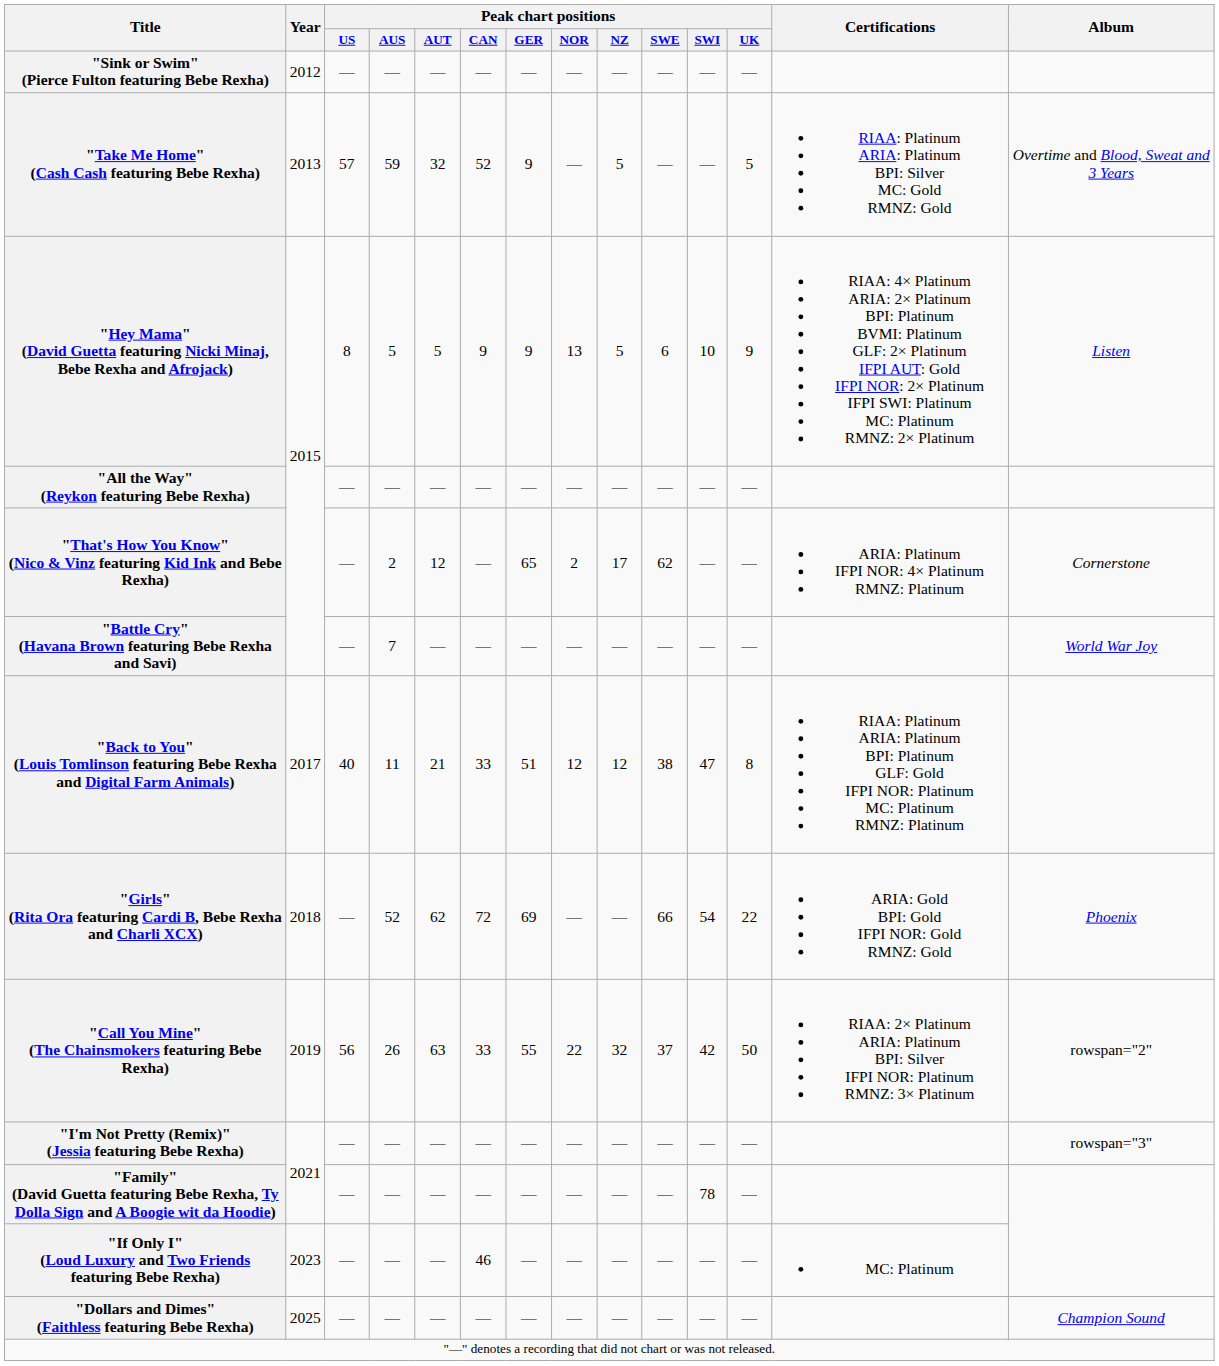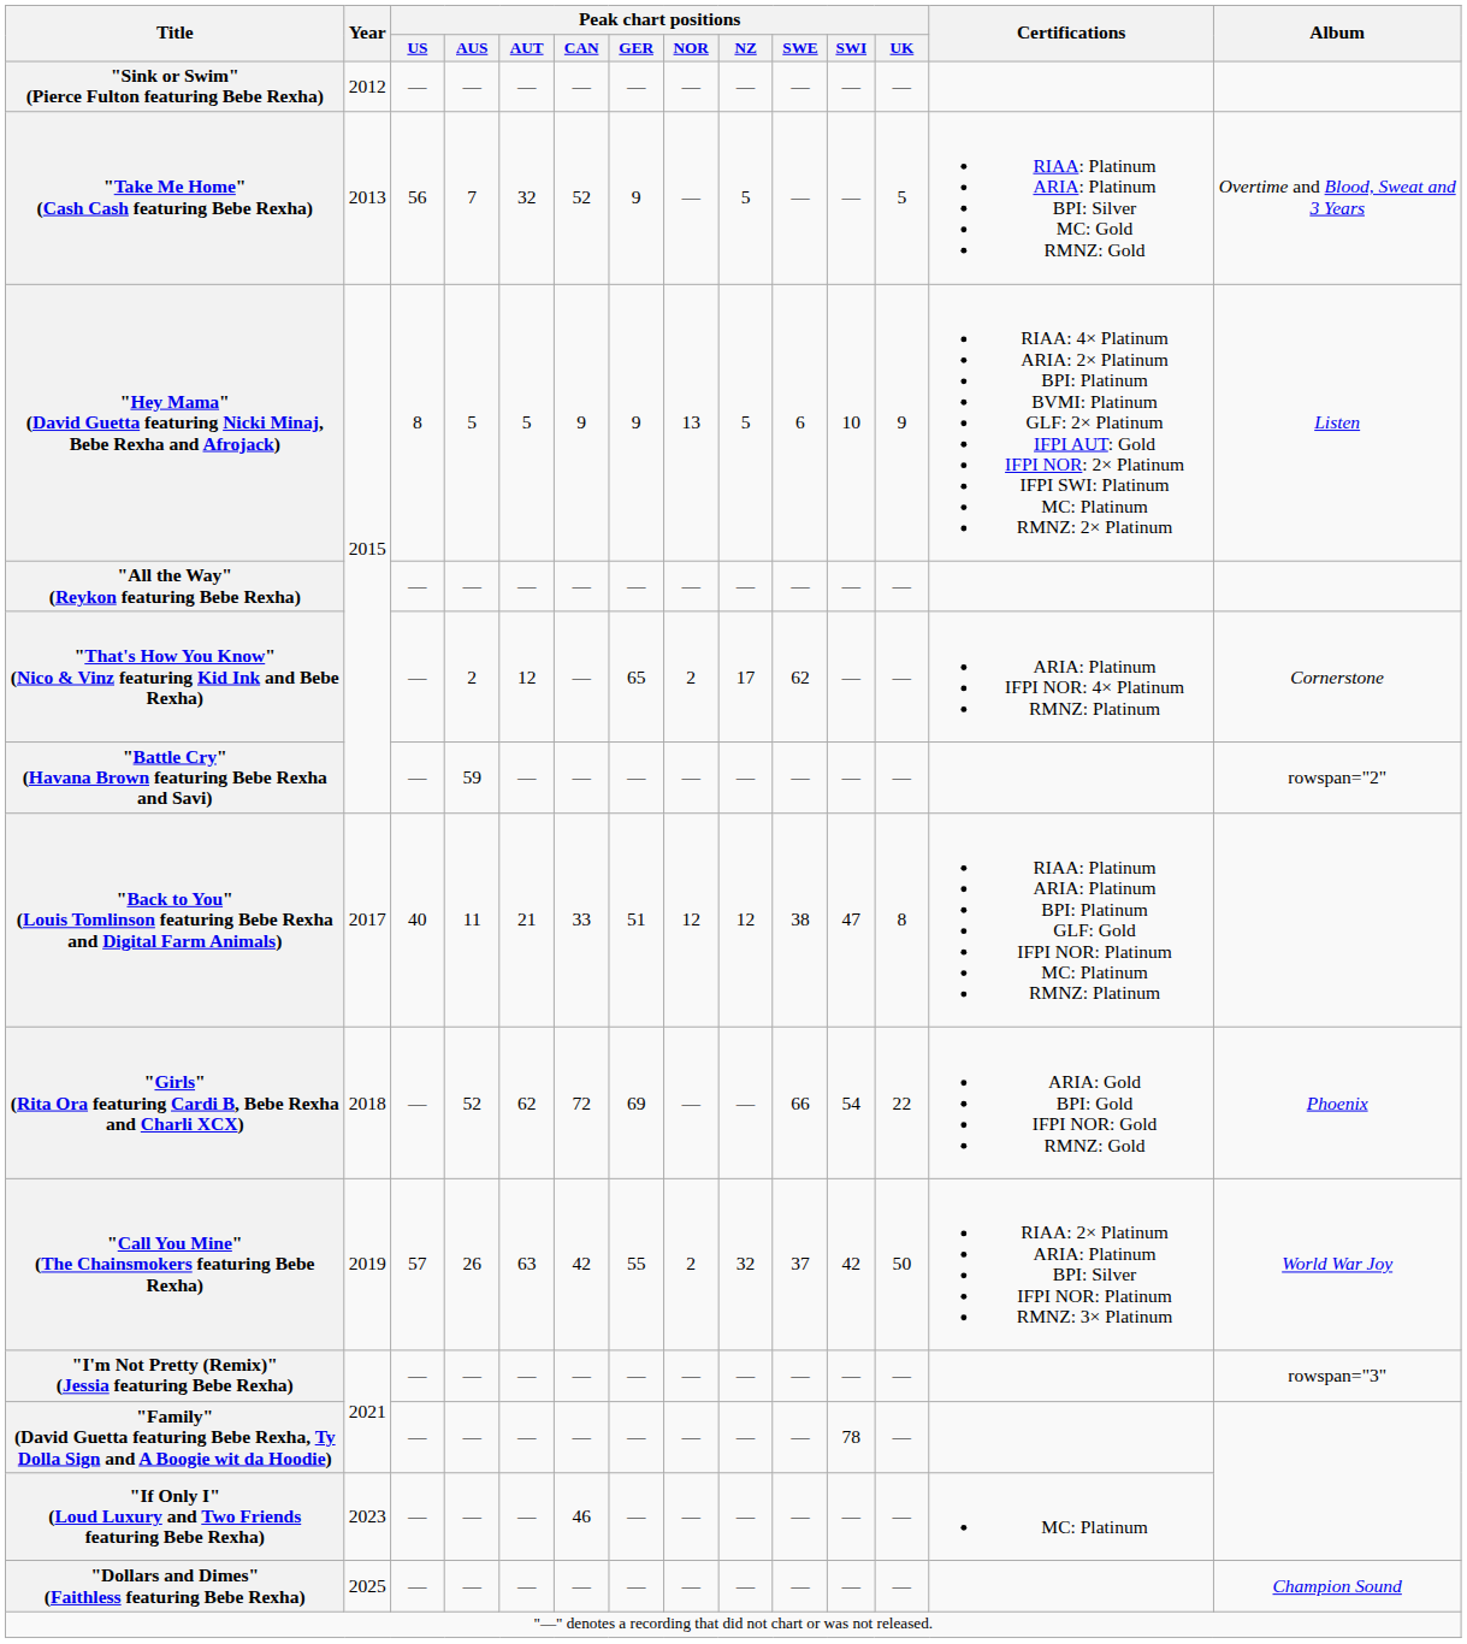 <table class="wikitable plainrowheaders" style="text-align:center;">
 <tr>
 <th scope="col" rowspan="2" style="width:18em;">Title</th>
 <th scope="col" rowspan="2" style="width:1em;">Year</th>
 <th scope="col" colspan="10">Peak chart positions</th>
 <th scope="col" rowspan="2" style="width:15em;">Certifications</th>
 <th scope="col" rowspan="2" style="width:13em;">Album</th>
 </tr>
 <tr>
 <th scope="col" style="width:3em;font-size:85%;"><a href='#'>US</a><br></th>
 <th scope="col" style="width:3em;font-size:85%;"><a href='#'>AUS</a><br></th>
 <th scope="col" style="width:3em;font-size:85%;"><a href='#'>AUT</a><br></th>
 <th scope="col" style="width:3em;font-size:85%;"><a href='#'>CAN</a><br></th>
 <th scope="col" style="width:3em;font-size:85%;"><a href='#'>GER</a><br></th>
 <th scope="col" style="width:3em; font-size:85%;"><a href='#'>NOR</a><br></th>
 <th scope="col" style="width:3em;font-size:85%;"><a href='#'>NZ</a><br></th>
 <th scope="col" style="width:3em; font-size:85%;"><a href='#'>SWE</a><br></th>
 <th scope="col" style="width:2.5em; font-size:85%;"><a href='#'>SWI</a><br></th>
 <th scope="col" style="width:3em; font-size:85%;"><a href='#'>UK</a><br></th>
 </tr>
 <tr>
 <th scope="row">"Sink or Swim"<br><span>(Pierce Fulton featuring Bebe Rexha)</span></th>
 <td>2012</td>
 <td>—</td>
 <td>—</td>
 <td>—</td>
 <td>—</td>
 <td>—</td>
 <td>—</td>
 <td>—</td>
 <td>—</td>
 <td>—</td>
 <td>—</td>
 <td></td>
 <td></td>
 </tr>
 <tr>
 <th scope="row">"<a href='#'>Take Me Home</a>"<br><span>(<a href='#'>Cash Cash</a> featuring Bebe Rexha)</span></th>
 <td>2013</td>
-<td>57</td>
-<td>59</td>
+<td>56</td>
+<td>7</td>
 <td>32</td>
 <td>52</td>
 <td>9</td>
 <td>—</td>
 <td>5</td>
 <td>—</td>
 <td>—</td>
 <td>5</td>
 <td><br><ul><li><a href='#'>RIAA</a>: Platinum</li><li><a href='#'>ARIA</a>: Platinum</li><li>BPI: Silver</li><li>MC: Gold</li><li>RMNZ: Gold</li></ul></td>
 <td><em>Overtime</em> and <em><a href='#'>Blood, Sweat and 3 Years</a></em></td>
 </tr>
 <tr>
 <th scope="row">"<a href='#'>Hey Mama</a>"<br><span>(<a href='#'>David Guetta</a> featuring <a href='#'>Nicki Minaj</a>, Bebe Rexha and <a href='#'>Afrojack</a>)</span></th>
 <td rowspan="4">2015</td>
 <td>8</td>
 <td>5</td>
 <td>5</td>
 <td>9</td>
 <td>9</td>
 <td>13</td>
 <td>5</td>
 <td>6</td>
 <td>10</td>
 <td>9</td>
 <td><br><ul><li>RIAA: 4× Platinum</li><li>ARIA: 2× Platinum</li><li>BPI: Platinum</li><li>BVMI: Platinum</li><li>GLF: 2× Platinum</li><li><a href='#'>IFPI AUT</a>: Gold</li><li><a href='#'>IFPI NOR</a>: 2× Platinum</li><li>IFPI SWI: Platinum</li><li>MC: Platinum</li><li>RMNZ: 2× Platinum</li></ul></td>
 <td><em><a href='#'>Listen</a></em></td>
 </tr>
 <tr>
 <th scope="row">"All the Way"<br><span>(<a href='#'>Reykon</a> featuring Bebe Rexha)</span></th>
 <td>—</td>
 <td>—</td>
 <td>—</td>
 <td>—</td>
 <td>—</td>
 <td>—</td>
 <td>—</td>
 <td>—</td>
 <td>—</td>
 <td>—</td>
 <td></td>
 <td></td>
 </tr>
 <tr>
 <th scope="row">"<a href='#'>That's How You Know</a>"<br><span>(<a href='#'>Nico & Vinz</a> featuring <a href='#'>Kid Ink</a> and Bebe Rexha)</span></th>
 <td>—</td>
 <td>2</td>
 <td>12</td>
 <td>—</td>
 <td>65</td>
 <td>2</td>
 <td>17</td>
 <td>62</td>
 <td>—</td>
 <td>—</td>
 <td><br><ul><li>ARIA: Platinum</li><li>IFPI NOR: 4× Platinum</li><li>RMNZ: Platinum</li></ul></td>
 <td><em>Cornerstone</em></td>
 </tr>
 <tr>
 <th scope="row">"<a href='#'>Battle Cry</a>"<br><span>(<a href='#'>Havana Brown</a> featuring Bebe Rexha and Savi)</span></th>
 <td>—</td>
-<td>7</td>
+<td>59</td>
 <td>—</td>
 <td>—</td>
 <td>—</td>
 <td>—</td>
 <td>—</td>
 <td>—</td>
 <td>—</td>
 <td>—</td>
 <td></td>
-<td><em><a href='#'>World War Joy</a></em></td>
+<td>rowspan="2" </td>
 </tr>
 <tr>
 <th scope="row">"<a href='#'>Back to You</a>"<br><span>(<a href='#'>Louis Tomlinson</a> featuring Bebe Rexha and <a href='#'>Digital Farm Animals</a>)</span></th>
 <td>2017</td>
 <td>40</td>
 <td>11</td>
 <td>21</td>
 <td>33</td>
 <td>51</td>
 <td>12</td>
 <td>12</td>
 <td>38</td>
 <td>47</td>
 <td>8</td>
 <td><br><ul><li>RIAA: Platinum</li><li>ARIA: Platinum</li><li>BPI: Platinum</li><li>GLF: Gold</li><li>IFPI NOR: Platinum</li><li>MC: Platinum</li><li>RMNZ: Platinum</li></ul></td>
 </tr>
 <tr>
 <th scope="row">"<a href='#'>Girls</a>"<br><span>(<a href='#'>Rita Ora</a> featuring <a href='#'>Cardi B</a>, Bebe Rexha and <a href='#'>Charli XCX</a>)</span></th>
 <td>2018</td>
 <td>—</td>
 <td>52</td>
 <td>62</td>
 <td>72</td>
 <td>69</td>
 <td>—</td>
 <td>—</td>
 <td>66</td>
 <td>54</td>
 <td>22</td>
 <td><br><ul><li>ARIA: Gold</li><li>BPI: Gold</li><li>IFPI NOR: Gold</li><li>RMNZ: Gold</li></ul></td>
 <td><em><a href='#'>Phoenix</a></em></td>
 </tr>
 <tr>
 <th scope="row">"<a href='#'>Call You Mine</a>"<br><span>(<a href='#'>The Chainsmokers</a> featuring Bebe Rexha)</span></th>
 <td>2019</td>
-<td>56</td>
+<td>57</td>
 <td>26</td>
 <td>63</td>
-<td>33</td>
+<td>42</td>
 <td>55</td>
-<td>22</td>
+<td>2</td>
 <td>32</td>
 <td>37</td>
 <td>42</td>
 <td>50</td>
 <td><br><ul><li>RIAA: 2× Platinum</li><li>ARIA: Platinum</li><li>BPI: Silver</li><li>IFPI NOR: Platinum</li><li>RMNZ: 3× Platinum</li></ul></td>
-<td>rowspan="2" </td>
+<td><em><a href='#'>World War Joy</a></em></td>
 </tr>
 <tr>
 <th scope="row">"I'm Not Pretty (Remix)"<br><span>(<a href='#'>Jessia</a> featuring Bebe Rexha)</span></th>
 <td rowspan="2">2021</td>
 <td>—</td>
 <td>—</td>
 <td>—</td>
 <td>—</td>
 <td>—</td>
 <td>—</td>
 <td>—</td>
 <td>—</td>
 <td>—</td>
 <td>—</td>
 <td></td>
 <td>rowspan="3" </td>
 </tr>
 <tr>
 <th scope="row">"Family"<br><span>(David Guetta featuring Bebe Rexha, <a href='#'>Ty Dolla Sign</a> and <a href='#'>A Boogie wit da Hoodie</a>)</span></th>
 <td>—</td>
 <td>—</td>
 <td>—</td>
 <td>—</td>
 <td>—</td>
 <td>—</td>
 <td>—</td>
 <td>—</td>
 <td>78</td>
 <td>—</td>
 <td></td>
 </tr>
 <tr>
 <th scope="row">"If Only I"<br><span>(<a href='#'>Loud Luxury</a> and <a href='#'>Two Friends</a> featuring Bebe Rexha)</span></th>
 <td>2023</td>
 <td>—</td>
 <td>—</td>
 <td>—</td>
 <td>46</td>
 <td>—</td>
 <td>—</td>
 <td>—</td>
 <td>—</td>
 <td>—</td>
 <td>—</td>
 <td><br><ul><li>MC: Platinum</li></ul></td>
 </tr>
 <tr>
 <th scope="row">"Dollars and Dimes"<br><span>(<a href='#'>Faithless</a> featuring Bebe Rexha)</span></th>
 <td>2025</td>
 <td>—</td>
 <td>—</td>
 <td>—</td>
 <td>—</td>
 <td>—</td>
 <td>—</td>
 <td>—</td>
 <td>—</td>
 <td>—</td>
 <td>—</td>
 <td></td>
 <td><em><a href='#'>Champion Sound</a></em></td>
 </tr>
 <tr>
 <td colspan="18" style="font-size:85%">"—" denotes a recording that did not chart or was not released.</td>
 </tr>
 </table>
